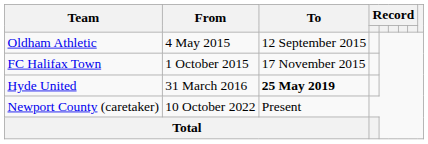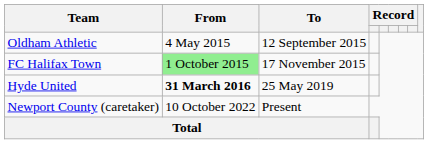 <table class="wikitable" style="text-align:center">
 <tr>
 <th rowspan="2">Team</th>
 <th rowspan="2">From</th>
 <th rowspan="2">To</th>
 <th colspan="5">Record</th>
 <th rowspan="2"></th>
 </tr>
 <tr>
 <th></th>
 <th></th>
 <th></th>
 <th></th>
 <th></th>
 </tr>
 <tr>
 <td align="left"><a href='#'>Oldham Athletic</a></td>
 <td align="left">4 May 2015</td>
 <td align="left">12 September 2015<br></td>
 <td></td>
 </tr>
 <tr>
 <td align="left"><a href='#'>FC Halifax Town</a></td>
-<td align="left">1 October 2015</td>
+<td align="left" style="background: lightgreen;">1 October 2015</td>
 <td align="left">17 November 2015<br></td>
 <td></td>
 </tr>
 <tr>
 <td align="left"><a href='#'>Hyde United</a></td>
-<td align="left">31 March 2016</td>
-<td align="left"><strong>25 May 2019<br></strong></td>
+<td align="left"><strong>31 March 2016</strong></td>
+<td align="left">25 May 2019<br></td>
 <td></td>
 </tr>
 <tr>
 <td align="left"><a href='#'>Newport County</a> (caretaker)</td>
 <td align="left">10 October 2022</td>
 <td align="left">Present<br></td>
 </tr>
 <tr>
 <th colspan=3>Total<br></th>
 <th></th>
 </tr>
 </table>
